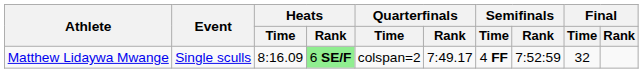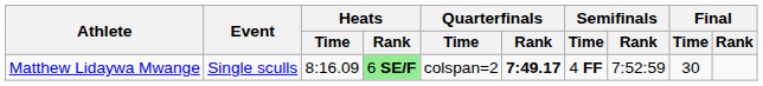 <table class="wikitable" style="font-size:90%">
 <tr>
 <th rowspan="2">Athlete</th>
 <th rowspan="2">Event</th>
 <th colspan="2">Heats</th>
 <th colspan="2">Quarterfinals</th>
 <th colspan="2">Semifinals</th>
 <th colspan="2">Final</th>
 </tr>
 <tr style="font-size:95%">
 <th>Time</th>
 <th>Rank</th>
 <th>Time</th>
 <th>Rank</th>
 <th>Time</th>
 <th>Rank</th>
 <th>Time</th>
 <th>Rank</th>
 </tr>
 <tr align=center>
 <td align=left><a href='#'>Matthew Lidaywa Mwange</a></td>
 <td align=left><a href='#'>Single sculls</a></td>
 <td>8:16.09</td>
 <td style="background: lightgreen;">6 <strong>SE/F</strong></td>
 <td>colspan=2 </td>
-<td>7:49.17</td>
+<td><strong>7:49.17</strong></td>
 <td>4 <strong>FF</strong></td>
 <td>7:52:59</td>
-<td>32</td>
+<td>30</td>
 </tr>
 </table>
